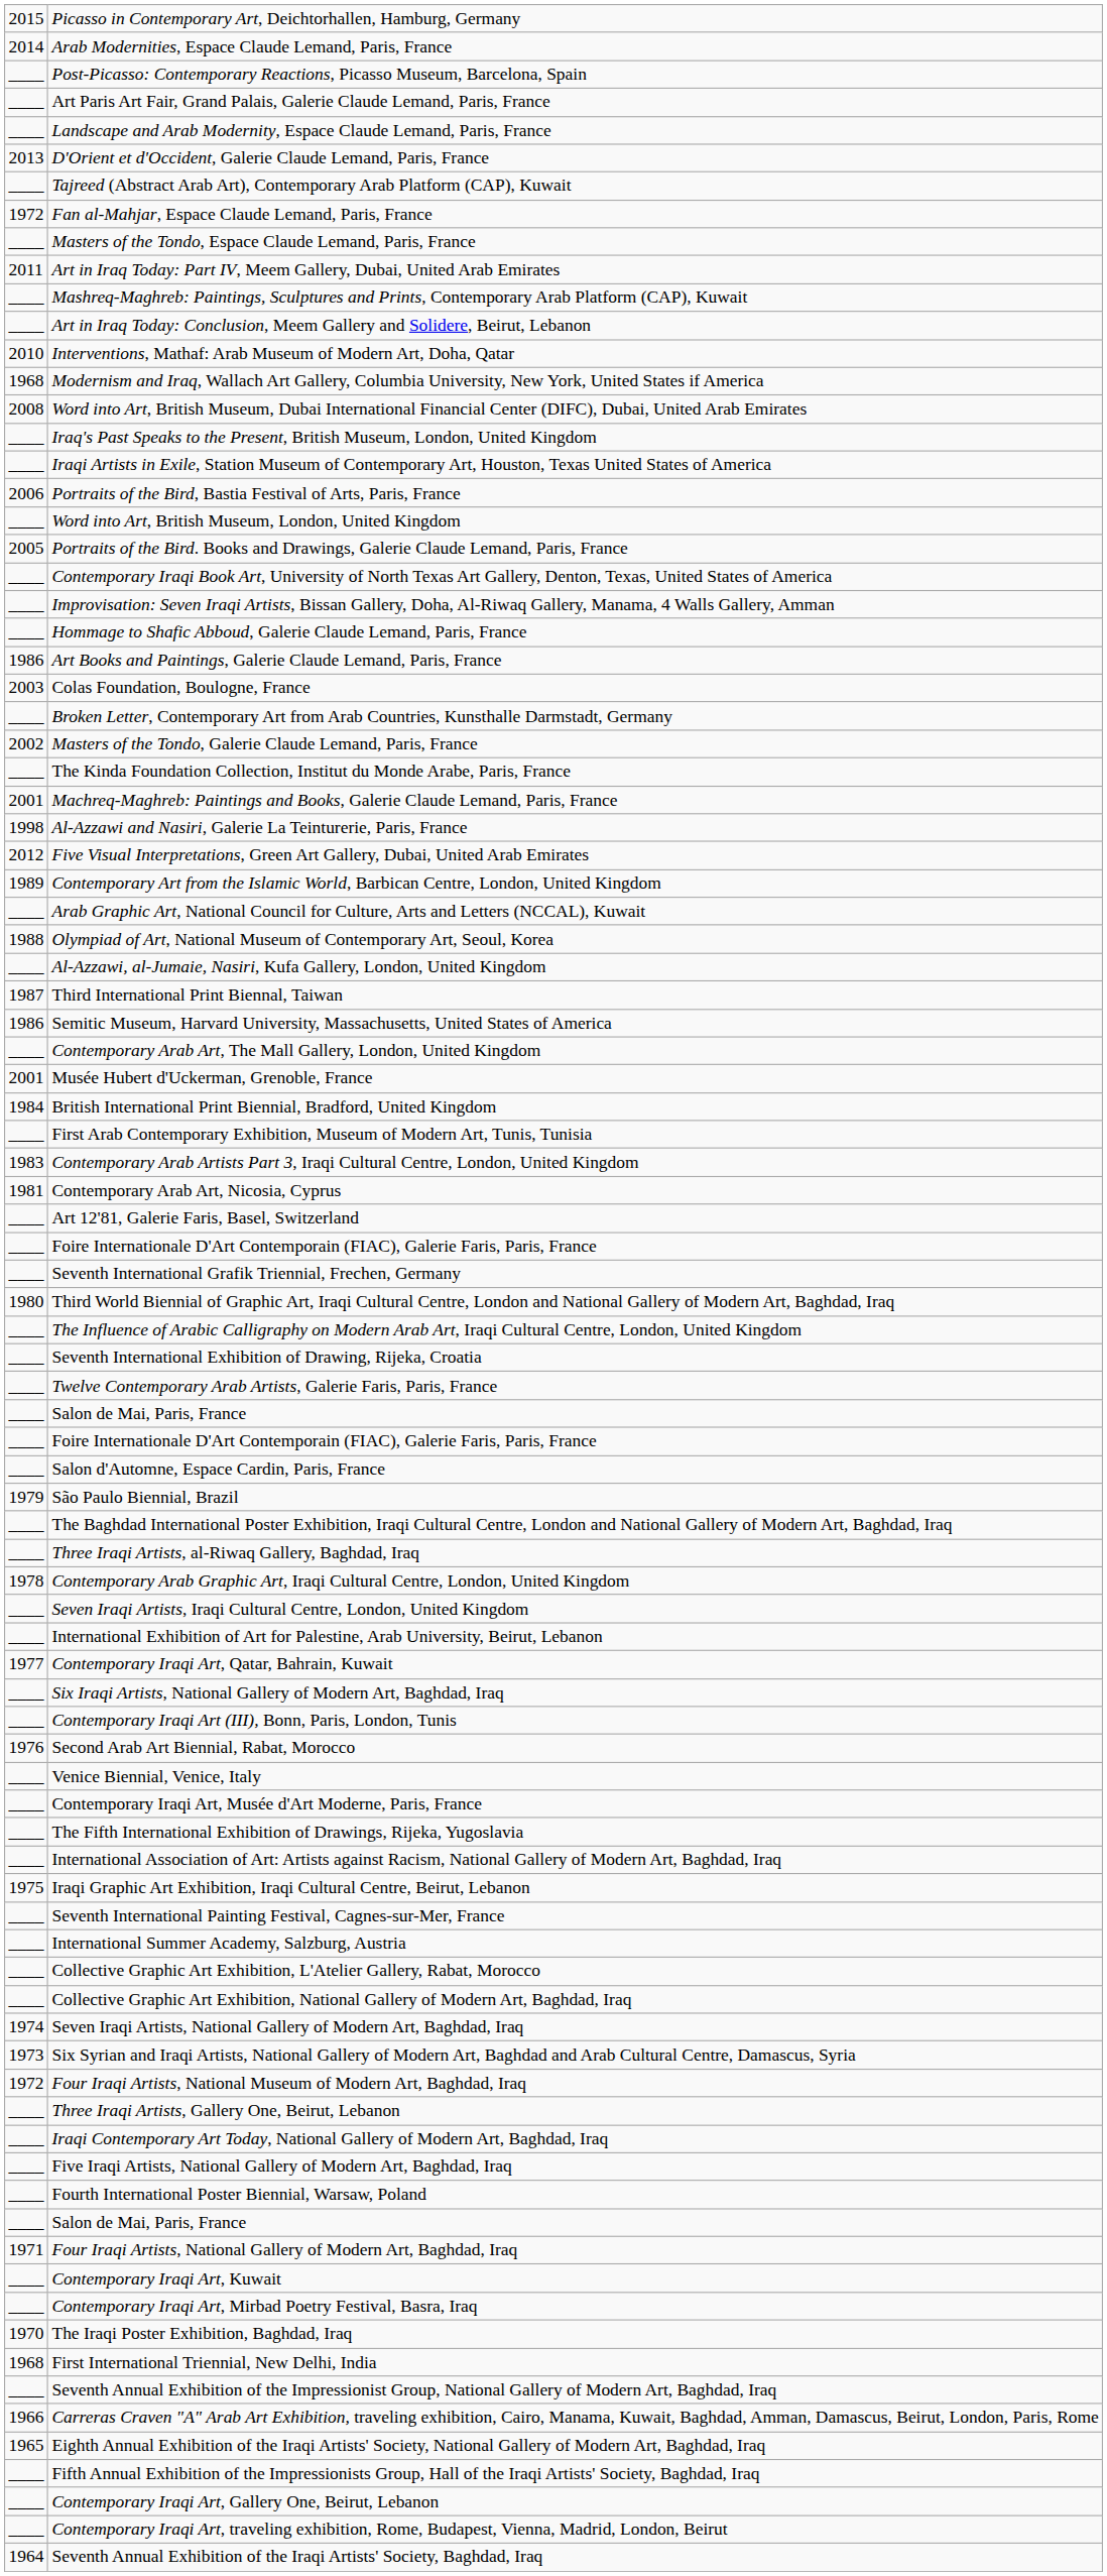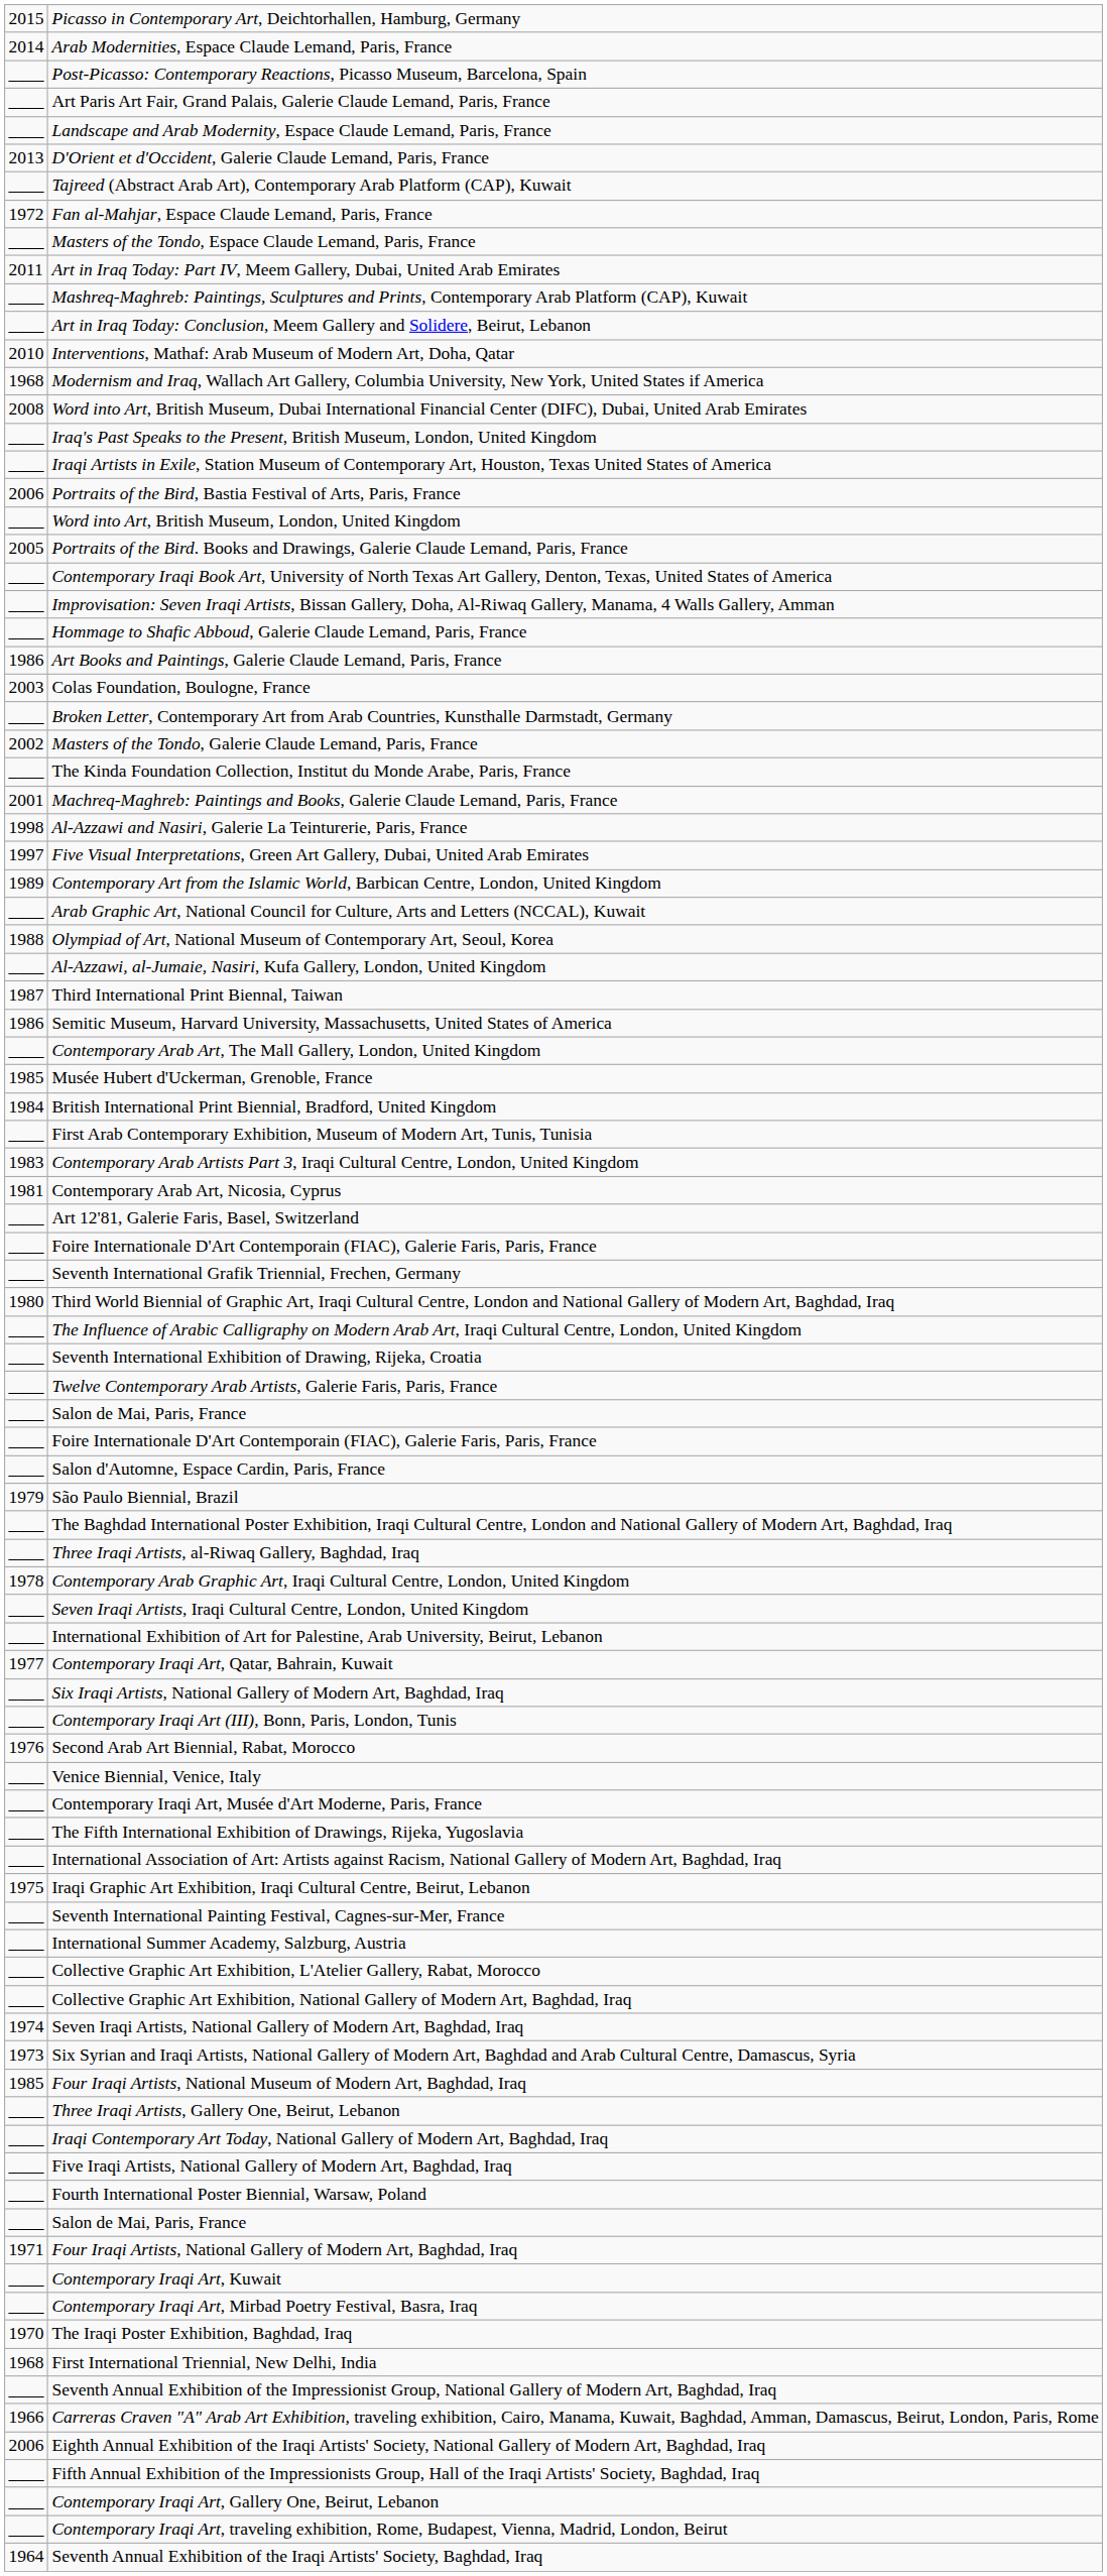 <table class="wikitable">
 <tr>
 <td rowspan="1">2015</td>
 <td rowspan="1"><em>Picasso in Contemporary Art</em>, Deichtorhallen, Hamburg, Germany</td>
 </tr>
 <tr>
 <td rowspan="1">2014</td>
 <td rowspan="1"><em>Arab Modernities</em>, Espace Claude Lemand, Paris, France</td>
 </tr>
 <tr>
 <td rowspan="1">____</td>
 <td rowspan="1"><em>Post-Picasso: Contemporary Reactions</em>, Picasso Museum, Barcelona, Spain</td>
 </tr>
 <tr>
 <td rowspan="1">____</td>
 <td rowspan="1">Art Paris Art Fair, Grand Palais, Galerie Claude Lemand, Paris, France</td>
 </tr>
 <tr>
 <td rowspan="1">____</td>
 <td rowspan="1"><em>Landscape and Arab Modernity</em>, Espace Claude Lemand, Paris, France</td>
 </tr>
 <tr>
 <td rowspan="1">2013</td>
 <td rowspan="1"><em>D'Orient et d'Occident</em>, Galerie Claude Lemand, Paris, France</td>
 </tr>
 <tr>
 <td rowspan="1">____</td>
 <td rowspan="1"><em>Tajreed</em> (Abstract Arab Art), Contemporary Arab Platform (CAP), Kuwait</td>
 </tr>
 <tr>
 <td rowspan="1">1972</td>
 <td rowspan="1"><em>Fan al-Mahjar</em>, Espace Claude Lemand, Paris, France</td>
 </tr>
 <tr>
 <td rowspan="1">____</td>
 <td rowspan="1"><em>Masters of the Tondo</em>, Espace Claude Lemand, Paris, France</td>
 </tr>
 <tr>
 <td rowspan="1">2011</td>
 <td rowspan="1"><em>Art in Iraq Today: Part IV</em>, Meem Gallery, Dubai, United Arab Emirates</td>
 </tr>
 <tr>
 <td rowspan="1">____</td>
 <td rowspan="1"><em>Mashreq-Maghreb: Paintings, Sculptures and Prints</em>, Contemporary Arab Platform (CAP), Kuwait</td>
 </tr>
 <tr>
 <td rowspan="1">____</td>
 <td rowspan="1"><em>Art in Iraq Today: Conclusion</em>, Meem Gallery and <a href='#'>Solidere</a>, Beirut, Lebanon</td>
 </tr>
 <tr>
 <td rowspan="1">2010</td>
 <td rowspan="1"><em>Interventions</em>, Mathaf: Arab Museum of Modern Art, Doha, Qatar</td>
 </tr>
 <tr>
 <td rowspan="1">1968</td>
 <td rowspan="1"><em>Modernism and Iraq</em>, Wallach Art Gallery, Columbia University, New York, United States if America</td>
 </tr>
 <tr>
 <td rowspan="1">2008</td>
 <td rowspan="1"><em>Word into Art</em>, British Museum, Dubai International Financial Center (DIFC), Dubai, United Arab Emirates</td>
 </tr>
 <tr>
 <td rowspan="1">____</td>
 <td rowspan="1"><em>Iraq's Past Speaks to the Present</em>, British Museum, London, United Kingdom</td>
 </tr>
 <tr>
 <td rowspan="1">____</td>
 <td rowspan="1"><em>Iraqi Artists in Exile</em>, Station Museum of Contemporary Art, Houston, Texas United States of America</td>
 </tr>
 <tr>
 <td rowspan="1">2006</td>
 <td rowspan="1"><em>Portraits of the Bird</em>, Bastia Festival of Arts, Paris, France</td>
 </tr>
 <tr>
 <td rowspan="1">____</td>
 <td rowspan="1"><em>Word into Art</em>, British Museum, London, United Kingdom</td>
 </tr>
 <tr>
 <td rowspan="1">2005</td>
 <td rowspan="1"><em>Portraits of the Bird</em>. Books and Drawings, Galerie Claude Lemand, Paris, France</td>
 </tr>
 <tr>
 <td rowspan="1">____</td>
 <td rowspan="1"><em>Contemporary Iraqi Book Art</em>, University of North Texas Art Gallery, Denton, Texas, United States of America</td>
 </tr>
 <tr>
 <td rowspan="1">____</td>
 <td rowspan="1"><em>Improvisation:  Seven Iraqi Artists</em>, Bissan Gallery, Doha, Al-Riwaq Gallery, Manama, 4 Walls Gallery, Amman</td>
 </tr>
 <tr>
 <td rowspan="1">____</td>
 <td rowspan="1"><em>Hommage to Shafic Abboud</em>, Galerie Claude Lemand, Paris, France</td>
 </tr>
 <tr>
 <td rowspan="1">1986</td>
 <td rowspan="1"><em>Art Books and Paintings</em>, Galerie Claude Lemand, Paris, France</td>
 </tr>
 <tr>
 <td rowspan="1">2003</td>
 <td rowspan="1">Colas Foundation, Boulogne, France</td>
 </tr>
 <tr>
 <td rowspan="1">____</td>
 <td rowspan="1"><em>Broken Letter</em>, Contemporary Art from Arab Countries, Kunsthalle Darmstadt, Germany</td>
 </tr>
 <tr>
 <td rowspan="1">2002</td>
 <td rowspan="1"><em>Masters of the Tondo</em>, Galerie Claude Lemand, Paris, France</td>
 </tr>
 <tr>
 <td rowspan="1">____</td>
 <td rowspan="1">The Kinda Foundation Collection, Institut du Monde Arabe, Paris, France</td>
 </tr>
 <tr>
 <td rowspan="1">2001</td>
 <td rowspan="1"><em>Machreq-Maghreb: Paintings and Books</em>, Galerie Claude Lemand, Paris, France</td>
 </tr>
 <tr>
 <td rowspan="1">1998</td>
 <td rowspan="1"><em>Al-Azzawi and Nasiri</em>, Galerie La Teinturerie, Paris, France</td>
 </tr>
 <tr>
-<td rowspan="1">2012</td>
+<td rowspan="1">1997</td>
 <td rowspan="1"><em>Five Visual Interpretations</em>, Green Art Gallery, Dubai, United Arab Emirates</td>
 </tr>
 <tr>
 <td rowspan="1">1989</td>
 <td rowspan="1"><em>Contemporary Art from the Islamic World</em>, Barbican Centre, London, United Kingdom</td>
 </tr>
 <tr>
 <td rowspan="1">____</td>
 <td rowspan="1"><em>Arab Graphic Art</em>, National Council for Culture, Arts and Letters (NCCAL), Kuwait</td>
 </tr>
 <tr>
 <td rowspan="1">1988</td>
 <td rowspan="1"><em>Olympiad of Art</em>, National Museum of Contemporary Art, Seoul, Korea</td>
 </tr>
 <tr>
 <td rowspan="1">____</td>
 <td rowspan="1"><em>Al-Azzawi, al-Jumaie, Nasiri</em>, Kufa Gallery, London, United Kingdom</td>
 </tr>
 <tr>
 <td rowspan="1">1987</td>
 <td rowspan="1">Third International Print Biennal, Taiwan</td>
 </tr>
 <tr>
 <td rowspan="1">1986</td>
 <td rowspan="1">Semitic Museum, Harvard University, Massachusetts, United States of America</td>
 </tr>
 <tr>
 <td rowspan="1">____</td>
 <td rowspan="1"><em>Contemporary Arab Art</em>, The Mall Gallery, London, United Kingdom</td>
 </tr>
 <tr>
-<td rowspan="1">2001</td>
+<td rowspan="1">1985</td>
 <td rowspan="1">Musée Hubert d'Uckerman, Grenoble, France</td>
 </tr>
 <tr>
 <td rowspan="1">1984</td>
 <td rowspan="1">British International Print Biennial, Bradford, United Kingdom</td>
 </tr>
 <tr>
 <td rowspan="1">____</td>
 <td rowspan="1">First Arab Contemporary Exhibition, Museum of Modern Art, Tunis, Tunisia</td>
 </tr>
 <tr>
 <td rowspan="1">1983</td>
 <td rowspan="1"><em>Contemporary Arab Artists Part 3</em>, Iraqi Cultural Centre, London, United Kingdom</td>
 </tr>
 <tr>
 <td rowspan="1">1981</td>
 <td rowspan="1">Contemporary Arab Art, Nicosia, Cyprus</td>
 </tr>
 <tr>
 <td rowspan="1">____</td>
 <td rowspan="1">Art 12'81, Galerie Faris, Basel, Switzerland</td>
 </tr>
 <tr>
 <td rowspan="1">____</td>
 <td rowspan="1">Foire Internationale D'Art Contemporain (FIAC), Galerie Faris, Paris, France</td>
 </tr>
 <tr>
 <td rowspan="1">____</td>
 <td rowspan="1">Seventh International Grafik Triennial, Frechen, Germany</td>
 </tr>
 <tr>
 <td rowspan="1">1980</td>
 <td rowspan="1">Third World Biennial of Graphic Art, Iraqi Cultural Centre, London and National Gallery of Modern Art, Baghdad, Iraq</td>
 </tr>
 <tr>
 <td rowspan="1">____</td>
 <td rowspan="1"><em>The Influence of Arabic Calligraphy on Modern Arab Art</em>, Iraqi Cultural Centre, London, United Kingdom</td>
 </tr>
 <tr>
 <td rowspan="1">____</td>
 <td rowspan="1">Seventh International Exhibition of Drawing, Rijeka, Croatia</td>
 </tr>
 <tr>
 <td rowspan="1">____</td>
 <td rowspan="1"><em>Twelve Contemporary Arab Artists</em>, Galerie Faris, Paris, France</td>
 </tr>
 <tr>
 <td rowspan="1">____</td>
 <td rowspan="1">Salon de Mai, Paris, France</td>
 </tr>
 <tr>
 <td rowspan="1">____</td>
 <td rowspan="1">Foire Internationale D'Art Contemporain (FIAC), Galerie Faris, Paris, France</td>
 </tr>
 <tr>
 <td rowspan="1">____</td>
 <td rowspan="1">Salon d'Automne, Espace Cardin, Paris, France</td>
 </tr>
 <tr>
 <td rowspan="1">1979</td>
 <td rowspan="1">São Paulo Biennial, Brazil</td>
 </tr>
 <tr>
 <td rowspan="1">____</td>
 <td rowspan="1">The Baghdad International Poster Exhibition, Iraqi Cultural Centre, London and National Gallery of Modern Art, Baghdad, Iraq</td>
 </tr>
 <tr>
 <td rowspan="1">____</td>
 <td rowspan="1"><em>Three Iraqi Artists</em>, al-Riwaq Gallery, Baghdad, Iraq</td>
 </tr>
 <tr>
 <td rowspan="1">1978</td>
 <td rowspan="1"><em>Contemporary Arab Graphic Art</em>, Iraqi Cultural Centre, London, United Kingdom</td>
 </tr>
 <tr>
 <td rowspan="1">____</td>
 <td rowspan="1"><em>Seven Iraqi Artists</em>, Iraqi Cultural Centre, London, United Kingdom</td>
 </tr>
 <tr>
 <td rowspan="1">____</td>
 <td rowspan="1">International Exhibition of Art for Palestine, Arab University, Beirut, Lebanon</td>
 </tr>
 <tr>
 <td rowspan="1">1977</td>
 <td rowspan="1"><em>Contemporary Iraqi Art</em>, Qatar, Bahrain, Kuwait</td>
 </tr>
 <tr>
 <td rowspan="1">____</td>
 <td rowspan="1"><em>Six Iraqi Artists</em>, National Gallery of Modern Art, Baghdad, Iraq</td>
 </tr>
 <tr>
 <td rowspan="1">____</td>
 <td rowspan="1"><em>Contemporary Iraqi Art (III), </em>Bonn, Paris, London, Tunis</td>
 </tr>
 <tr>
 <td rowspan="1">1976</td>
 <td rowspan="1">Second Arab Art Biennial, Rabat, Morocco</td>
 </tr>
 <tr>
 <td rowspan="1">____</td>
 <td rowspan="1">Venice Biennial, Venice, Italy</td>
 </tr>
 <tr>
 <td rowspan="1">____</td>
 <td rowspan="1">Contemporary Iraqi Art, Musée d'Art Moderne, Paris, France</td>
 </tr>
 <tr>
 <td rowspan="1">____</td>
 <td rowspan="1">The Fifth International Exhibition of Drawings, Rijeka, Yugoslavia</td>
 </tr>
 <tr>
 <td rowspan="1">____</td>
 <td rowspan="1">International Association of Art: Artists against Racism, National Gallery of Modern Art, Baghdad, Iraq</td>
 </tr>
 <tr>
 <td rowspan="1">1975</td>
 <td rowspan="1">Iraqi Graphic Art Exhibition, Iraqi Cultural Centre, Beirut, Lebanon</td>
 </tr>
 <tr>
 <td rowspan="1">____</td>
 <td rowspan="1">Seventh International Painting Festival, Cagnes-sur-Mer, France</td>
 </tr>
 <tr>
 <td rowspan="1">____</td>
 <td rowspan="1">International Summer Academy, Salzburg, Austria</td>
 </tr>
 <tr>
 <td rowspan="1">____</td>
 <td rowspan="1">Collective Graphic Art Exhibition, L'Atelier Gallery, Rabat, Morocco</td>
 </tr>
 <tr>
 <td rowspan="1">____</td>
 <td rowspan="1">Collective Graphic Art Exhibition, National Gallery of Modern Art, Baghdad, Iraq</td>
 </tr>
 <tr>
 <td rowspan="1">1974</td>
 <td rowspan="1">Seven Iraqi Artists, National Gallery of Modern Art, Baghdad, Iraq</td>
 </tr>
 <tr>
 <td rowspan="1">1973</td>
 <td rowspan="1">Six Syrian and Iraqi Artists, National Gallery of Modern Art, Baghdad and Arab Cultural Centre, Damascus, Syria</td>
 </tr>
 <tr>
-<td rowspan="1">1972</td>
+<td rowspan="1">1985</td>
 <td rowspan="1"><em>Four Iraqi Artists</em>, National Museum of Modern Art, Baghdad, Iraq</td>
 </tr>
 <tr>
 <td rowspan="1">____</td>
 <td rowspan="1"><em>Three Iraqi Artists</em>, Gallery One, Beirut, Lebanon</td>
 </tr>
 <tr>
 <td rowspan="1">____</td>
 <td rowspan="1"><em>Iraqi Contemporary Art Today</em>, National Gallery of Modern Art, Baghdad, Iraq</td>
 </tr>
 <tr>
 <td rowspan="1">____</td>
 <td rowspan="1">Five Iraqi Artists, National Gallery of Modern Art, Baghdad, Iraq</td>
 </tr>
 <tr>
 <td rowspan="1">____</td>
 <td rowspan="1">Fourth International Poster Biennial, Warsaw, Poland</td>
 </tr>
 <tr>
 <td rowspan="1">____</td>
 <td rowspan="1">Salon de Mai, Paris, France</td>
 </tr>
 <tr>
 <td rowspan="1">1971</td>
 <td rowspan="1"><em>Four Iraqi Artists</em>, National Gallery of Modern Art, Baghdad, Iraq</td>
 </tr>
 <tr>
 <td rowspan="1">____</td>
 <td rowspan="1"><em>Contemporary Iraqi Art</em>, Kuwait</td>
 </tr>
 <tr>
 <td rowspan="1">____</td>
 <td rowspan="1"><em>Contemporary Iraqi Art</em>, Mirbad Poetry Festival, Basra, Iraq</td>
 </tr>
 <tr>
 <td rowspan="1">1970</td>
 <td rowspan="1">The Iraqi Poster Exhibition, Baghdad, Iraq</td>
 </tr>
 <tr>
 <td rowspan="1">1968</td>
 <td rowspan="1">First International Triennial, New Delhi, India</td>
 </tr>
 <tr>
 <td rowspan="1">____</td>
 <td rowspan="1">Seventh Annual Exhibition of the Impressionist Group, National Gallery of Modern Art, Baghdad, Iraq</td>
 </tr>
 <tr>
 <td rowspan="1">1966</td>
 <td rowspan="1"><em>Carreras Craven "A" Arab Art Exhibition,</em> traveling exhibition, Cairo, Manama, Kuwait, Baghdad, Amman, Damascus, Beirut, London, Paris, Rome</td>
 </tr>
 <tr>
-<td rowspan="1">1965</td>
+<td rowspan="1">2006</td>
 <td rowspan="1">Eighth Annual Exhibition of the Iraqi Artists' Society, National Gallery of Modern Art, Baghdad, Iraq</td>
 </tr>
 <tr>
 <td rowspan="1">____</td>
 <td rowspan="1">Fifth Annual Exhibition of the Impressionists Group, Hall of the Iraqi Artists' Society, Baghdad, Iraq</td>
 </tr>
 <tr>
 <td rowspan="1">____</td>
 <td rowspan="1"><em>Contemporary Iraqi Art</em>, Gallery One, Beirut, Lebanon</td>
 </tr>
 <tr>
 <td rowspan="1">____</td>
 <td rowspan="1"><em>Contemporary Iraqi Art</em>, traveling exhibition, Rome, Budapest, Vienna, Madrid, London, Beirut</td>
 </tr>
 <tr>
 <td rowspan="1">1964</td>
 <td rowspan="1">Seventh Annual Exhibition of the Iraqi Artists' Society, Baghdad, Iraq</td>
 </tr>
 </table>
